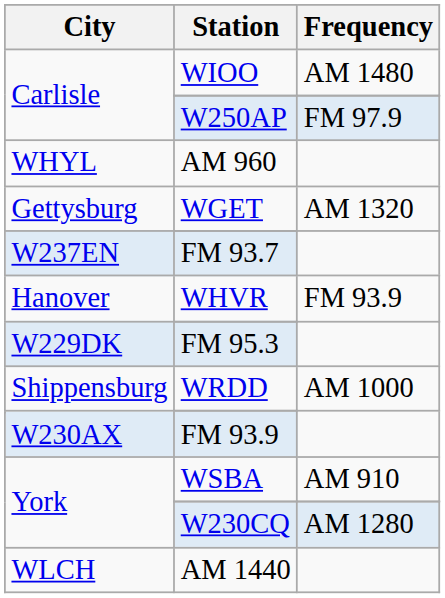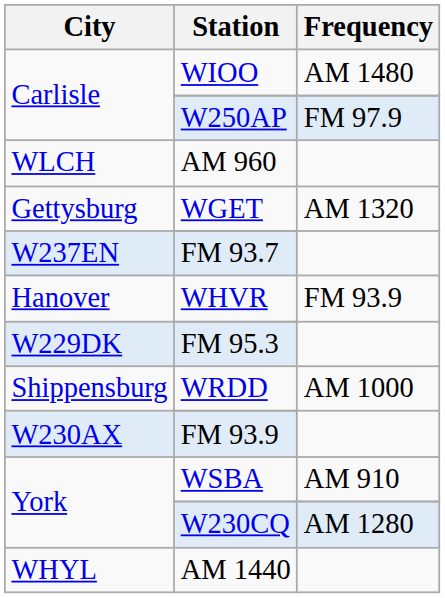 <table class="wikitable sortable">
 <tr>
 <th>City</th>
 <th>Station</th>
 <th>Frequency</th>
 </tr>
 <tr>
 <td rowspan=3><a href='#'>Carlisle</a></td>
 <td><a href='#'>WIOO</a></td>
 <td>AM 1480</td>
 </tr>
 <tr>
 </tr>
 <tr style="background-color:#DFEBF6;">
 <td><a href='#'>W250AP</a></td>
 <td>FM 97.9</td>
 </tr>
 <tr>
-<td><a href='#'>WHYL</a></td>
+<td><a href='#'>WLCH</a></td>
 <td>AM 960</td>
 </tr>
 <tr>
 <td rowspan=2><a href='#'>Gettysburg</a></td>
 <td><a href='#'>WGET</a></td>
 <td>AM 1320</td>
 </tr>
 <tr>
 </tr>
 <tr style="background-color:#DFEBF6;">
 <td><a href='#'>W237EN</a></td>
 <td>FM 93.7</td>
 </tr>
 <tr>
 <td rowspan=2><a href='#'>Hanover</a></td>
 <td><a href='#'>WHVR</a></td>
 <td>FM 93.9</td>
 </tr>
 <tr>
 </tr>
 <tr style="background-color:#DFEBF6;">
 <td><a href='#'>W229DK</a></td>
 <td>FM 95.3</td>
 </tr>
 <tr>
 <td rowspan=2><a href='#'>Shippensburg</a></td>
 <td><a href='#'>WRDD</a></td>
 <td>AM 1000</td>
 </tr>
 <tr>
 </tr>
 <tr style="background-color:#DFEBF6;">
 <td><a href='#'>W230AX</a></td>
 <td>FM 93.9</td>
 </tr>
 <tr>
 <td rowspan=3><a href='#'>York</a></td>
 <td><a href='#'>WSBA</a></td>
 <td>AM 910</td>
 </tr>
 <tr>
 </tr>
 <tr style="background-color:#DFEBF6;">
 <td><a href='#'>W230CQ</a></td>
 <td>AM 1280</td>
 </tr>
 <tr>
-<td><a href='#'>WLCH</a></td>
+<td><a href='#'>WHYL</a></td>
 <td>AM 1440</td>
 </tr>
 </table>
